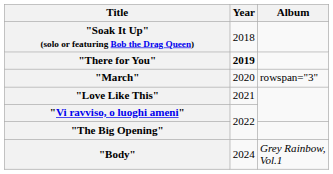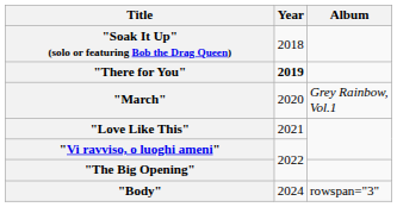 <table class="wikitable plainrowheaders" style="text-align:left;">
 <tr>
 <th scope="col" style="width:20em;">Title</th>
 <th scope="col" style="width:2em;">Year</th>
 <th scope="col" style="width:6em;">Album</th>
 </tr>
 <tr>
 <th scope="row">"Soak It Up"<br><small>(solo or featuring <a href='#'>Bob the Drag Queen</a>)</small></th>
 <td>2018</td>
 <td></td>
 </tr>
 <tr>
 <th scope="row">"There for You"</th>
 <td><strong>2019</strong></td>
 <td></td>
 </tr>
 <tr>
 <th scope="row">"March"</th>
 <td>2020</td>
-<td>rowspan="3" </td>
+<td><em>Grey Rainbow, Vol.1</em></td>
 </tr>
 <tr>
 <th scope="row">"Love Like This"</th>
 <td>2021</td>
 </tr>
 <tr>
 <th scope="row">"<a href='#'>Vi ravviso, o luoghi ameni</a>"</th>
 <td rowspan="2">2022</td>
 </tr>
 <tr>
 <th scope="row">"The Big Opening"<br></th>
 <td></td>
 </tr>
 <tr>
 <th scope="row">"Body"</th>
 <td>2024</td>
-<td><em>Grey Rainbow, Vol.1</em></td>
+<td>rowspan="3" </td>
 </tr>
 </table>
